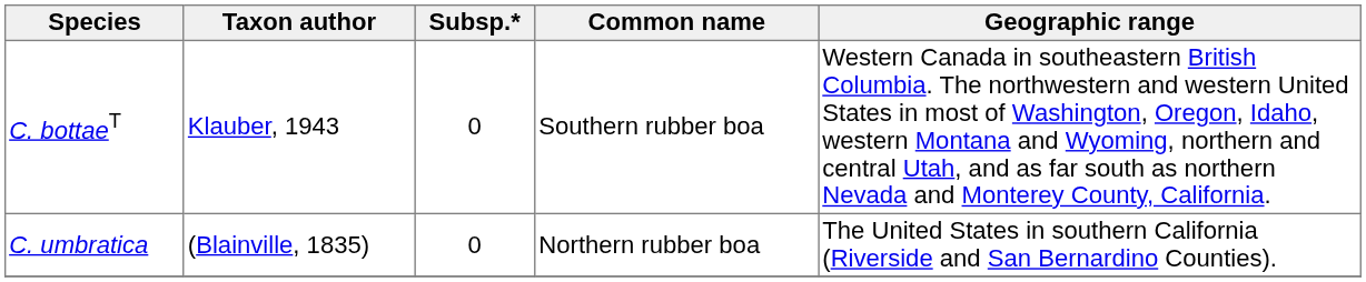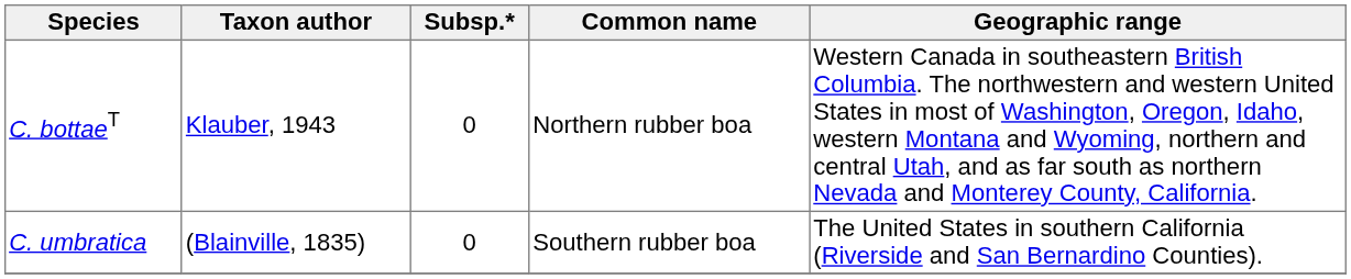 <table cellspacing=0 cellpadding=2 border=1 style="border-collapse: collapse;">
 <tr>
 <th bgcolor="#f0f0f0">Species</th>
 <th bgcolor="#f0f0f0">Taxon author</th>
 <th bgcolor="#f0f0f0">Subsp.*</th>
 <th bgcolor="#f0f0f0">Common name</th>
 <th bgcolor="#f0f0f0">Geographic range</th>
 </tr>
 <tr>
 <td><em><a href='#'>C. bottae</a></em><span><sup>T</sup></span></td>
 <td><a href='#'>Klauber</a>, 1943</td>
 <td align="center">0</td>
-<td>Southern rubber boa</td>
+<td>Northern rubber boa</td>
 <td style="width:40%">Western Canada in southeastern <a href='#'>British Columbia</a>. The northwestern and western United States in most of <a href='#'>Washington</a>, <a href='#'>Oregon</a>, <a href='#'>Idaho</a>, western <a href='#'>Montana</a> and <a href='#'>Wyoming</a>, northern and central <a href='#'>Utah</a>, and as far south as northern <a href='#'>Nevada</a> and <a href='#'>Monterey County, California</a>.</td>
 </tr>
 <tr>
 <td><em><a href='#'>C. umbratica</a></em></td>
 <td>(<a href='#'>Blainville</a>, 1835)</td>
 <td align="center">0</td>
-<td>Northern rubber boa</td>
+<td>Southern rubber boa</td>
 <td>The United States in southern California (<a href='#'>Riverside</a> and <a href='#'>San Bernardino</a> Counties).</td>
 </tr>
 <tr>
 </tr>
 </table>
